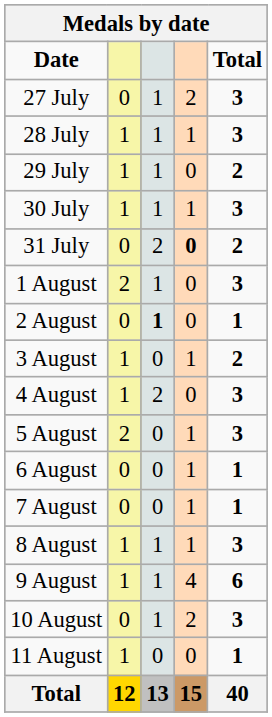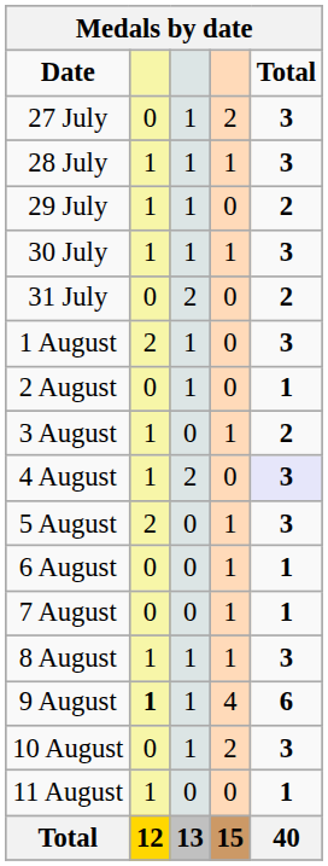 <table class="wikitable" style="font-size:85%">
 <tr bgcolor="#efefef">
 <th colspan=6>Medals by date</th>
 </tr>
 <tr align=center>
 <td><strong>Date</strong></td>
 <td bgcolor=#f7f6a8></td>
 <td bgcolor=#dce5e5></td>
 <td bgcolor=#ffdab9></td>
 <td><strong>Total</strong></td>
 </tr>
 <tr align=center>
 <td>27 July</td>
 <td style="background:#F7F6A8;">0</td>
 <td style="background:#DCE5E5;">1</td>
 <td style="background:#FFDAB9;">2</td>
 <td><strong>3</strong></td>
 </tr>
 <tr align=center>
 <td>28 July</td>
 <td style="background:#F7F6A8;">1</td>
 <td style="background:#DCE5E5;">1</td>
 <td style="background:#FFDAB9;">1</td>
 <td><strong>3</strong></td>
 </tr>
 <tr align=center>
 <td>29 July</td>
 <td style="background:#F7F6A8;">1</td>
 <td style="background:#DCE5E5;">1</td>
 <td style="background:#FFDAB9;">0</td>
 <td><strong>2</strong></td>
 </tr>
 <tr align=center>
 <td>30 July</td>
 <td style="background:#F7F6A8;">1</td>
 <td style="background:#DCE5E5;">1</td>
 <td style="background:#FFDAB9;">1</td>
 <td><strong>3</strong></td>
 </tr>
 <tr align=center>
 <td>31 July</td>
 <td style="background:#F7F6A8;">0</td>
 <td style="background:#DCE5E5;">2</td>
-<td style="background:#FFDAB9;"><strong>0</strong></td>
+<td style="background:#FFDAB9;">0</td>
 <td><strong>2</strong></td>
 </tr>
 <tr align=center>
 <td>1 August</td>
 <td style="background:#F7F6A8;">2</td>
 <td style="background:#DCE5E5;">1</td>
 <td style="background:#FFDAB9;">0</td>
 <td><strong>3</strong></td>
 </tr>
 <tr align=center>
 <td>2 August</td>
 <td style="background:#F7F6A8;">0</td>
-<td style="background:#DCE5E5;"><strong>1</strong></td>
+<td style="background:#DCE5E5;">1</td>
 <td style="background:#FFDAB9;">0</td>
 <td><strong>1</strong></td>
 </tr>
 <tr align=center>
 <td>3 August</td>
 <td style="background:#F7F6A8;">1</td>
 <td style="background:#DCE5E5;">0</td>
 <td style="background:#FFDAB9;">1</td>
 <td><strong>2</strong></td>
 </tr>
 <tr align=center>
 <td>4 August</td>
 <td style="background:#F7F6A8;">1</td>
 <td style="background:#DCE5E5;">2</td>
 <td style="background:#FFDAB9;">0</td>
-<td><strong>3</strong></td>
+<td style="background: lavender;"><strong>3</strong></td>
 </tr>
 <tr align=center>
 <td>5 August</td>
 <td style="background:#F7F6A8;">2</td>
 <td style="background:#DCE5E5;">0</td>
 <td style="background:#FFDAB9;">1</td>
 <td><strong>3</strong></td>
 </tr>
 <tr align=center>
 <td>6 August</td>
 <td style="background:#F7F6A8;">0</td>
 <td style="background:#DCE5E5;">0</td>
 <td style="background:#FFDAB9;">1</td>
 <td><strong>1</strong></td>
 </tr>
 <tr align=center>
 <td>7 August</td>
 <td style="background:#F7F6A8;">0</td>
 <td style="background:#DCE5E5;">0</td>
 <td style="background:#FFDAB9;">1</td>
 <td><strong>1</strong></td>
 </tr>
 <tr align=center>
 <td>8 August</td>
 <td style="background:#F7F6A8;">1</td>
 <td style="background:#DCE5E5;">1</td>
 <td style="background:#FFDAB9;">1</td>
 <td><strong>3</strong></td>
 </tr>
 <tr align=center>
 <td>9 August</td>
-<td style="background:#F7F6A8;">1</td>
+<td style="background:#F7F6A8;"><strong>1</strong></td>
 <td style="background:#DCE5E5;">1</td>
 <td style="background:#FFDAB9;">4</td>
 <td><strong>6</strong></td>
 </tr>
 <tr align=center>
 <td>10 August</td>
 <td style="background:#F7F6A8;">0</td>
 <td style="background:#DCE5E5;">1</td>
 <td style="background:#FFDAB9;">2</td>
 <td><strong>3</strong></td>
 </tr>
 <tr align=center>
 <td>11 August</td>
 <td style="background:#F7F6A8;">1</td>
 <td style="background:#DCE5E5;">0</td>
 <td style="background:#FFDAB9;">0</td>
 <td><strong>1</strong></td>
 </tr>
 <tr align=center>
 <th><strong>Total</strong></th>
 <th style="background:gold;"><strong>12</strong></th>
 <th style="background:silver;"><strong>13</strong></th>
 <th style="background:#c96;"><strong>15</strong></th>
 <th>40</th>
 </tr>
 </table>
